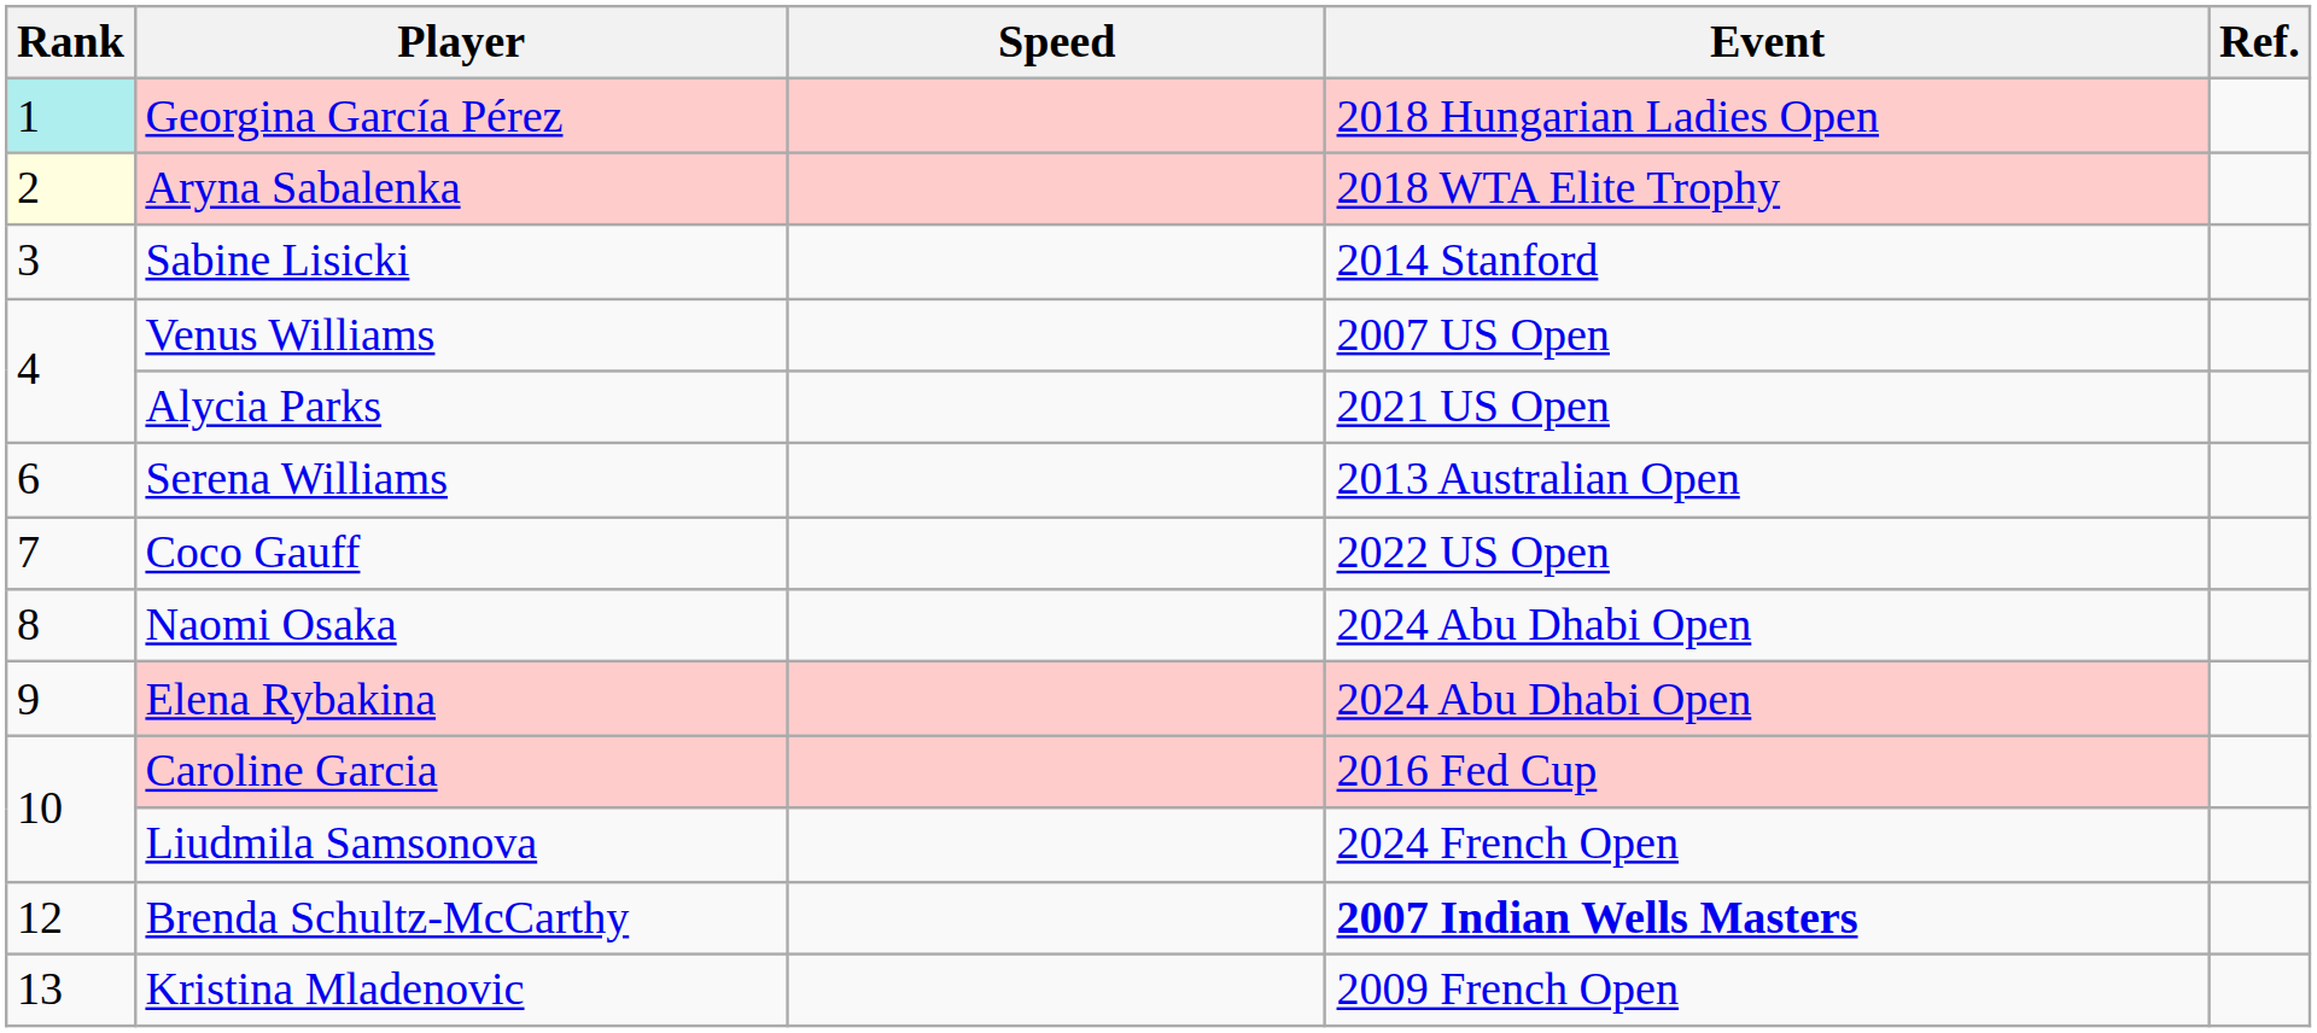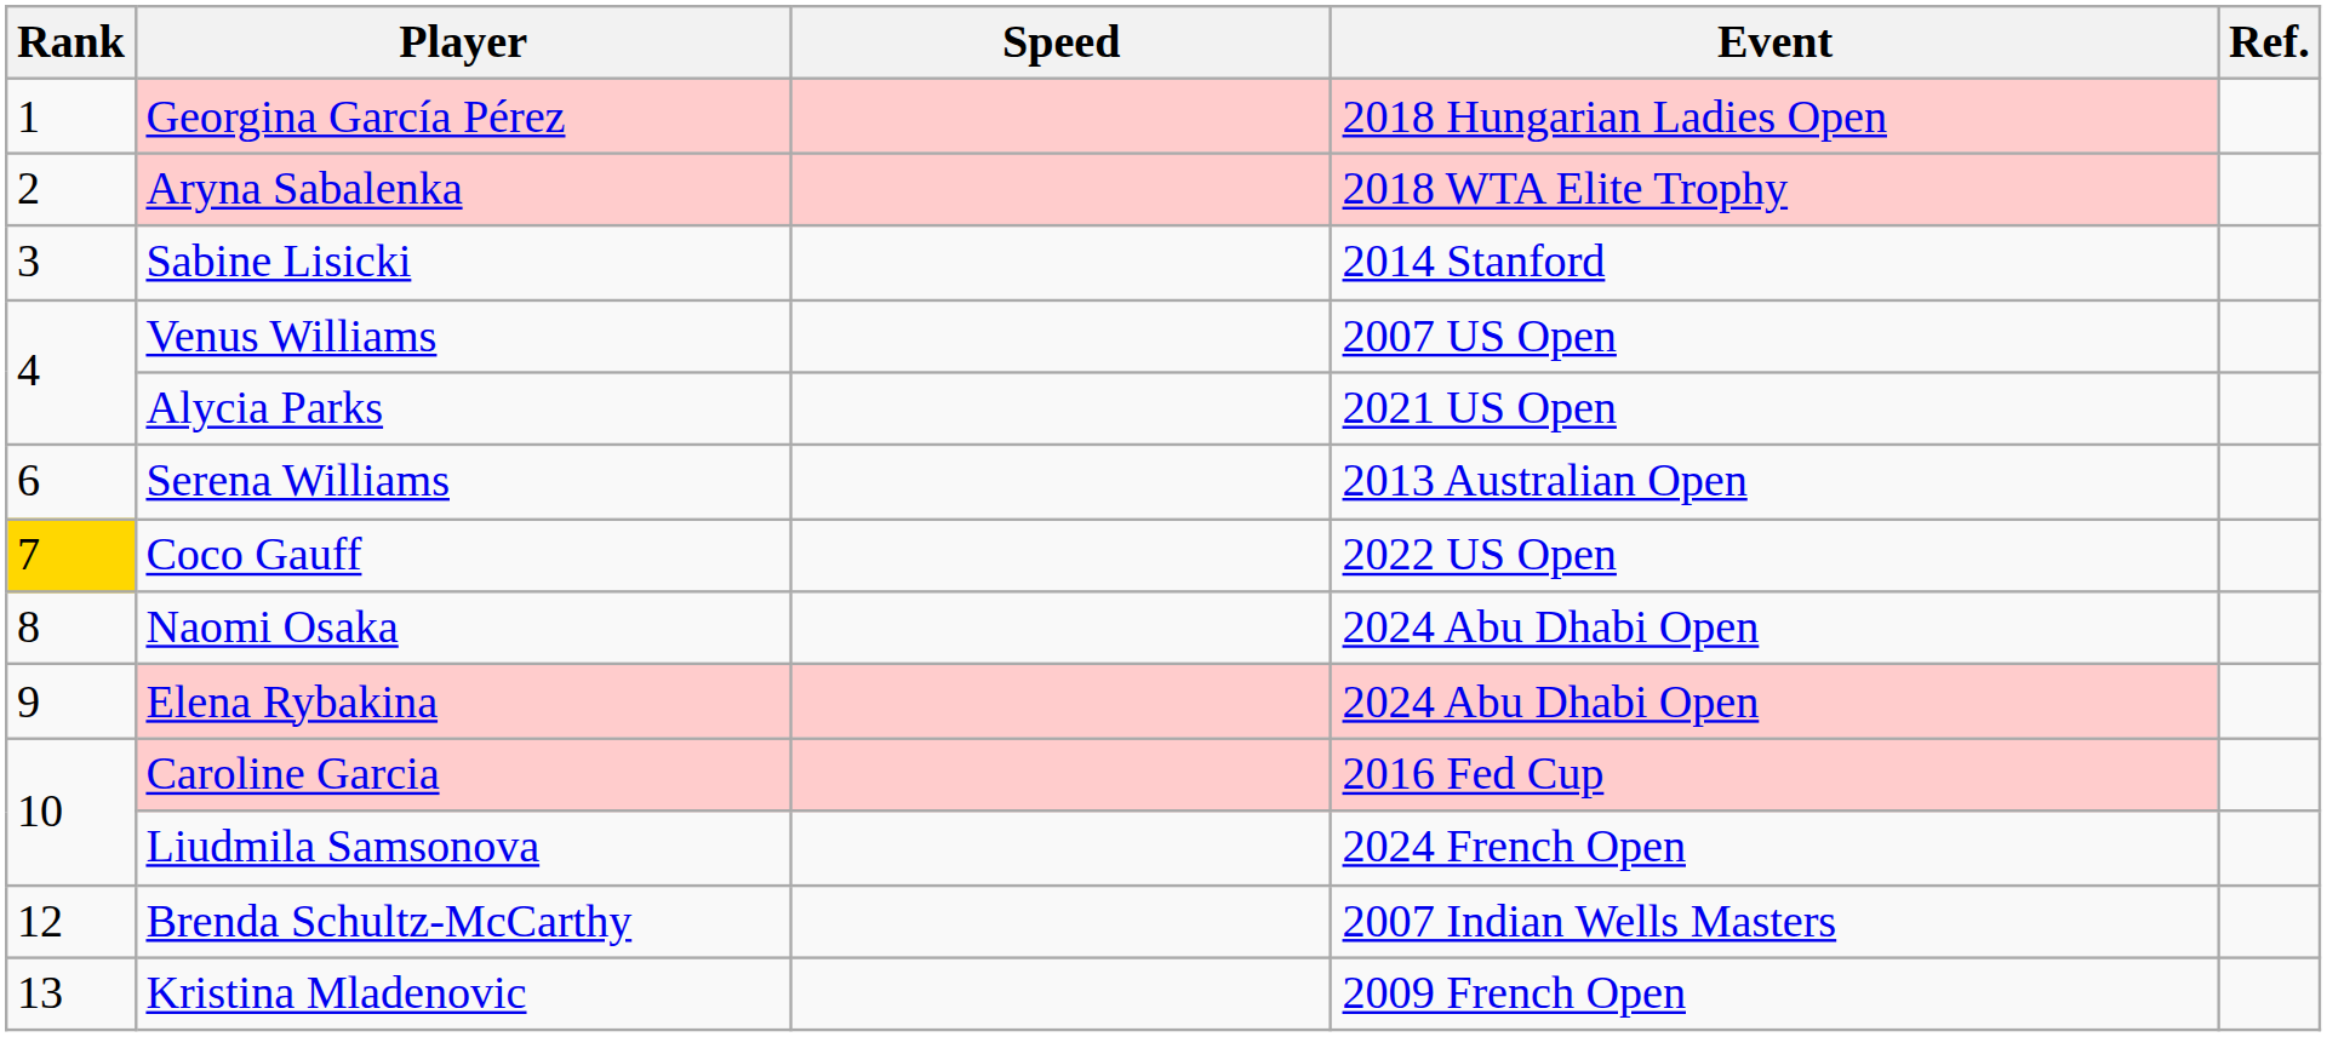 <table class="wikitable sortable">
 <tr>
 <th>Rank</th>
 <th style="width:220px;">Player</th>
 <th width="180">Speed</th>
 <th width="300">Event</th>
 <th class="unsortable">Ref.</th>
 </tr>
 <tr>
-<td style="background: paleturquoise;">1</td>
+<td>1</td>
 <td style="background:#fcc;"> <a href='#'>Georgina García Pérez</a></td>
 <td style="background:#fcc;"></td>
 <td style="background:#fcc;"><a href='#'>2018 Hungarian Ladies Open</a></td>
 <td></td>
 </tr>
 <tr>
-<td style="background: lightyellow;">2</td>
+<td>2</td>
 <td style="background:#fcc;"> <a href='#'>Aryna Sabalenka</a></td>
 <td style="background:#fcc;"></td>
 <td style="background:#fcc;"><a href='#'>2018 WTA Elite Trophy</a></td>
 <td></td>
 </tr>
 <tr>
 <td rowspan="1">3</td>
 <td> <a href='#'>Sabine Lisicki</a></td>
 <td></td>
 <td><a href='#'>2014 Stanford</a></td>
 </tr>
 <tr>
 <td rowspan="2">4</td>
 <td> <a href='#'>Venus Williams</a></td>
 <td></td>
 <td><a href='#'>2007 US Open</a></td>
 <td></td>
 </tr>
 <tr>
 <td> <a href='#'>Alycia Parks</a></td>
 <td></td>
 <td><a href='#'>2021 US Open</a></td>
 <td></td>
 </tr>
 <tr>
 <td>6</td>
 <td> <a href='#'>Serena Williams</a></td>
 <td></td>
 <td><a href='#'>2013 Australian Open</a></td>
 <td></td>
 </tr>
 <tr>
-<td>7</td>
+<td style="background: gold;">7</td>
 <td style=";"> <a href='#'>Coco Gauff</a></td>
 <td style=";"></td>
 <td style=";"><a href='#'>2022 US Open</a></td>
 <td></td>
 </tr>
 <tr>
 <td>8</td>
 <td style=";"> <a href='#'>Naomi Osaka</a></td>
 <td style=";"></td>
 <td style=";"><a href='#'>2024 Abu Dhabi Open</a></td>
 <td></td>
 </tr>
 <tr>
 <td>9</td>
 <td style="background:#fcc;"> <a href='#'>Elena Rybakina</a></td>
 <td style="background:#fcc;"></td>
 <td style="background:#fcc;"><a href='#'>2024 Abu Dhabi Open</a></td>
 <td></td>
 </tr>
 <tr>
 <td rowspan="2">10</td>
 <td style="background:#fcc;"> <a href='#'>Caroline Garcia</a></td>
 <td style="background:#fcc;"></td>
 <td style="background:#fcc;"><a href='#'>2016 Fed Cup</a></td>
 <td></td>
 </tr>
 <tr>
 <td> <a href='#'>Liudmila Samsonova</a></td>
 <td></td>
 <td><a href='#'>2024 French Open</a></td>
 <td></td>
 </tr>
 <tr>
 <td>12</td>
 <td> <a href='#'>Brenda Schultz-McCarthy</a></td>
 <td></td>
-<td><strong><a href='#'>2007 Indian Wells Masters</a></strong></td>
+<td><a href='#'>2007 Indian Wells Masters</a></td>
 <td></td>
 </tr>
 <tr>
 <td>13</td>
 <td> <a href='#'>Kristina Mladenovic</a></td>
 <td></td>
 <td><a href='#'>2009 French Open</a></td>
 <td></td>
 </tr>
 </table>
